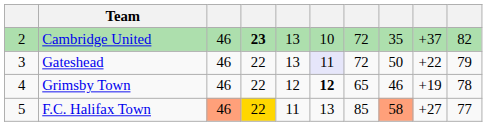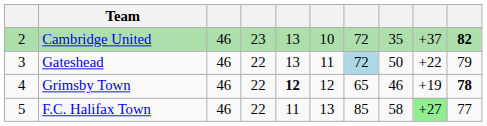 <table class="wikitable" style="text-align:center">
 <tr>
 <th width="30"></th>
 <th width="175">Team</th>
 <th width="30"></th>
 <th width="30"></th>
 <th width="30"></th>
 <th width="30"></th>
 <th width="30"></th>
 <th width="30"></th>
 <th width="30"></th>
 <th width="30"></th>
 </tr>
 <tr style="background:#addfad;">
 <td>2</td>
 <td align=left><a href='#'>Cambridge United</a></td>
 <td>46</td>
-<td><strong>23</strong></td>
+<td>23</td>
 <td>13</td>
 <td>10</td>
 <td>72</td>
 <td>35</td>
 <td>+37</td>
-<td>82</td>
+<td><strong>82</strong></td>
 </tr>
 <tr>
 <td>3</td>
 <td align=left><a href='#'>Gateshead</a></td>
 <td>46</td>
 <td>22</td>
 <td>13</td>
-<td style="background: lavender;">11</td>
-<td>72</td>
+<td>11</td>
+<td style="background: lightblue;">72</td>
 <td>50</td>
 <td>+22</td>
 <td>79</td>
 </tr>
 <tr>
 <td>4</td>
 <td align=left><a href='#'>Grimsby Town</a></td>
 <td>46</td>
 <td>22</td>
+<td><strong>12</strong></td>
 <td>12</td>
-<td><strong>12</strong></td>
 <td>65</td>
 <td>46</td>
 <td>+19</td>
-<td>78</td>
+<td><strong>78</strong></td>
 </tr>
 <tr>
 <td>5</td>
 <td align=left><a href='#'>F.C. Halifax Town</a></td>
-<td style="background: lightsalmon;">46</td>
-<td style="background: gold;">22</td>
+<td>46</td>
+<td>22</td>
 <td>11</td>
 <td>13</td>
 <td>85</td>
-<td style="background: lightsalmon;">58</td>
-<td>+27</td>
+<td>58</td>
+<td style="background: lightgreen;">+27</td>
 <td>77</td>
 </tr>
 </table>
